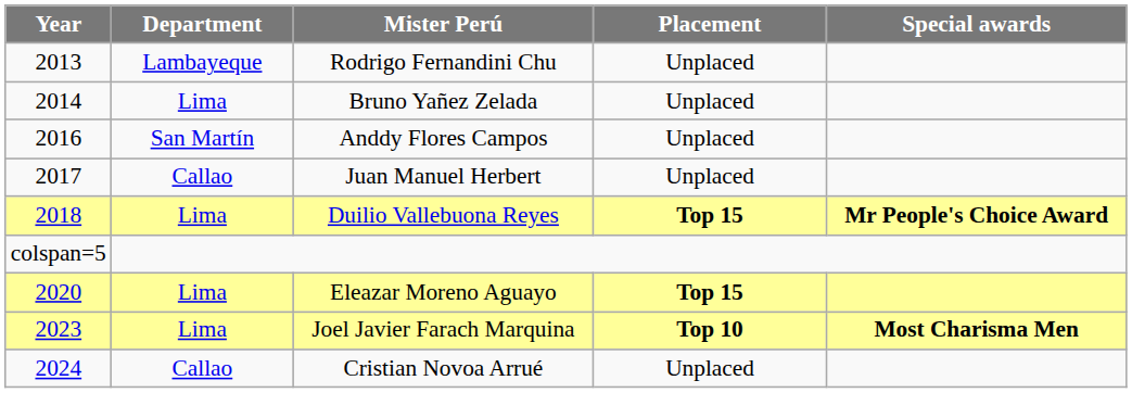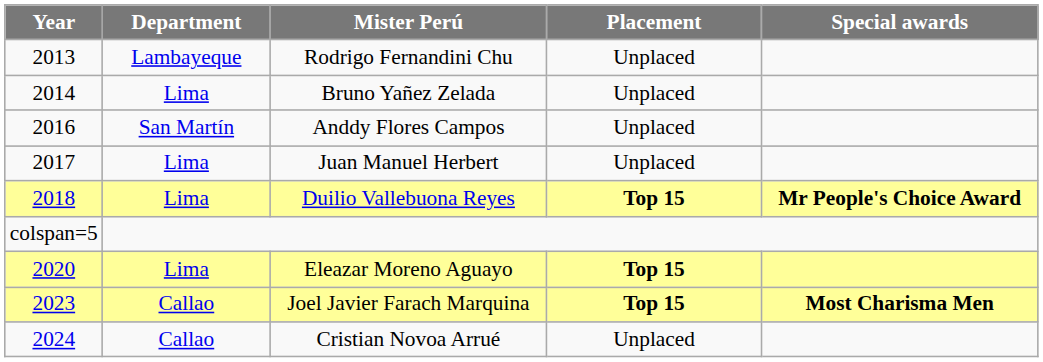 <table class="wikitable sortable" style="font-size: 85%; text-align:center">
 <tr>
 <th width="20" style="background-color:#787878;color:#FFFFFF;">Year</th>
 <th width="100" style="background-color:#787878;color:#FFFFFF;">Department</th>
 <th width="170" style="background-color:#787878;color:#FFFFFF;">Mister Perú</th>
 <th width="130" style="background-color:#787878;color:#FFFFFF;">Placement</th>
 <th width="170" style="background-color:#787878;color:#FFFFFF;">Special awards</th>
 </tr>
 <tr>
 <td>2013</td>
 <td><a href='#'>Lambayeque</a></td>
 <td>Rodrigo Fernandini Chu</td>
 <td>Unplaced</td>
 <td></td>
 </tr>
 <tr>
 <td>2014</td>
 <td><a href='#'>Lima</a></td>
 <td>Bruno Yañez Zelada</td>
 <td>Unplaced</td>
 <td></td>
 </tr>
 <tr>
 <td>2016</td>
 <td><a href='#'>San Martín</a></td>
 <td>Anddy Flores Campos</td>
 <td>Unplaced</td>
 <td></td>
 </tr>
 <tr>
 <td>2017</td>
-<td><a href='#'>Callao</a></td>
+<td><a href='#'>Lima</a></td>
 <td>Juan Manuel Herbert</td>
 <td>Unplaced</td>
 <td></td>
 </tr>
 <tr style="background-color:#FFFF99;">
 <td><a href='#'>2018</a></td>
 <td><a href='#'>Lima</a></td>
 <td><a href='#'>Duilio Vallebuona Reyes</a></td>
 <td><strong>Top 15</strong></td>
 <td><strong>Mr People's Choice Award</strong></td>
 </tr>
 <tr>
 <td>colspan=5 </td>
 </tr>
 <tr style="background-color:#FFFF99;">
 <td><a href='#'>2020</a></td>
 <td><a href='#'>Lima</a></td>
 <td>Eleazar Moreno Aguayo</td>
 <td><strong>Top 15</strong></td>
 <td></td>
 </tr>
 <tr style="background-color:#FFFF99;">
 <td><a href='#'>2023</a></td>
-<td><a href='#'>Lima</a></td>
+<td><a href='#'>Callao</a></td>
 <td>Joel Javier Farach Marquina</td>
-<td><strong>Top 10</strong></td>
+<td><strong>Top 15</strong></td>
 <td><strong>Most Charisma Men</strong></td>
 </tr>
 <tr>
 <td><a href='#'>2024</a></td>
 <td><a href='#'>Callao</a></td>
 <td>Cristian Novoa Arrué</td>
 <td>Unplaced</td>
 <td></td>
 </tr>
 </table>
